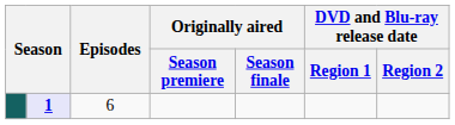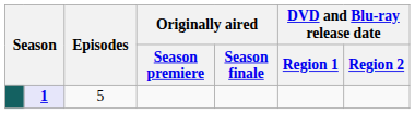 <table class="wikitable" style="text-align:center; width:70%;">
 <tr>
 <th style="padding: 0 8px;" colspan="2" rowspan="2">Season</th>
 <th style="padding: 0 8px;" rowspan="2">Episodes</th>
 <th colspan="2">Originally aired</th>
 <th colspan="2"><a href='#'>DVD</a> and <a href='#'>Blu-ray</a> release date</th>
 </tr>
 <tr>
 <th><a href='#'>Season premiere</a></th>
 <th><a href='#'>Season finale</a></th>
 <th><a href='#'>Region 1</a></th>
 <th><a href='#'>Region 2</a></th>
 </tr>
 <tr>
 <td style="background:#146161;"></td>
 <td style="background: lavender;"><strong><a href='#'>1</a></strong></td>
-<td style="padding: 0 8px;">6</td>
+<td style="padding: 0 8px;">5</td>
 <td style="padding: 0 8px;"></td>
 <td></td>
 <td></td>
 <td></td>
 </tr>
 </table>
